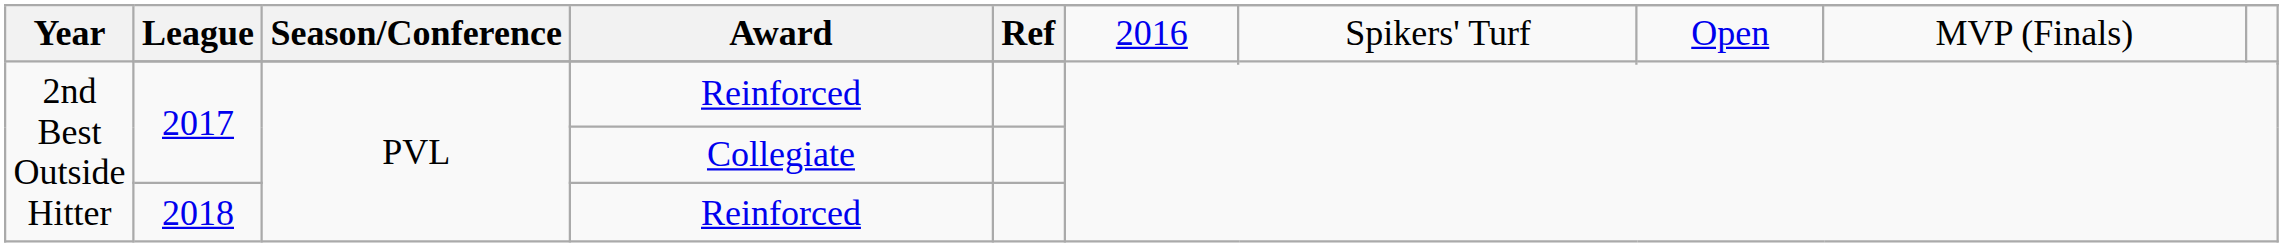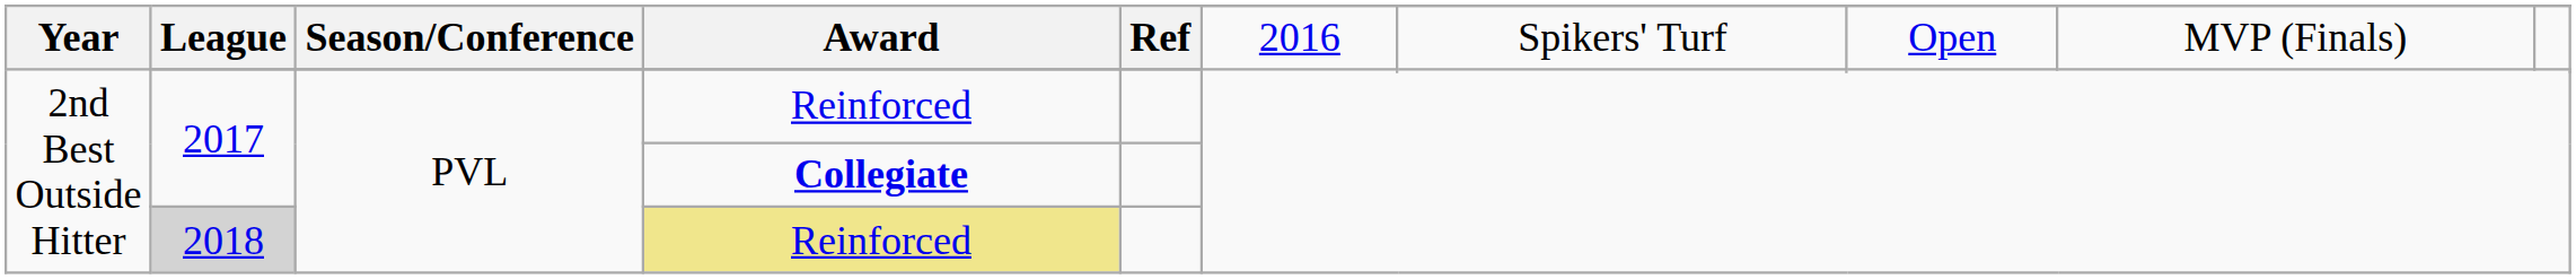 <table class="wikitable sortable" style="text-align:center" width="80%">
 <tr>
 <th style="width:5px;" rowspan="2">Year</th>
 <th style="width:25px;" rowspan="2">League</th>
 <th style="width:100px;" rowspan="2">Season/Conference</th>
 <th style="width:180px;" rowspan="2">Award</th>
 <th style="width:25px;" rowspan="2">Ref</th>
 </tr>
 <tr align=center>
 <td rowspan=2><a href='#'>2016</a></td>
 <td rowspan=2>Spikers' Turf</td>
 <td rowspan=2><a href='#'>Open</a></td>
 <td>MVP (Finals)</td>
 <td rowspan=2></td>
 </tr>
 <tr align=center>
 <td rowspan=4>2nd Best Outside Hitter</td>
 </tr>
 <tr align=center>
 <td rowspan=2><a href='#'>2017</a></td>
 <td rowspan=3>PVL</td>
 <td><a href='#'>Reinforced</a></td>
 <td></td>
 </tr>
 <tr align=center>
-<td><a href='#'>Collegiate</a></td>
+<td><strong><a href='#'>Collegiate</a></strong></td>
 <td></td>
 </tr>
 <tr align=center>
-<td><a href='#'>2018</a></td>
-<td><a href='#'>Reinforced</a></td>
+<td style="background: lightgrey;"><a href='#'>2018</a></td>
+<td style="background: khaki;"><a href='#'>Reinforced</a></td>
 <td></td>
 </tr>
 </table>
